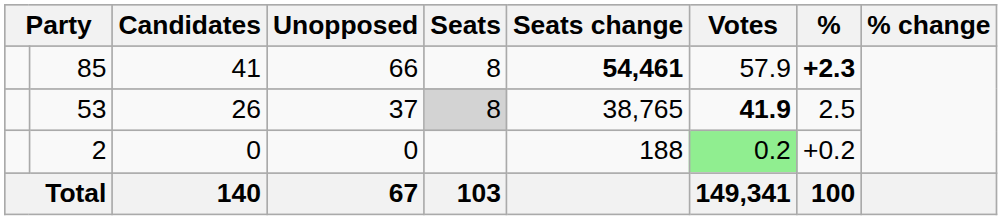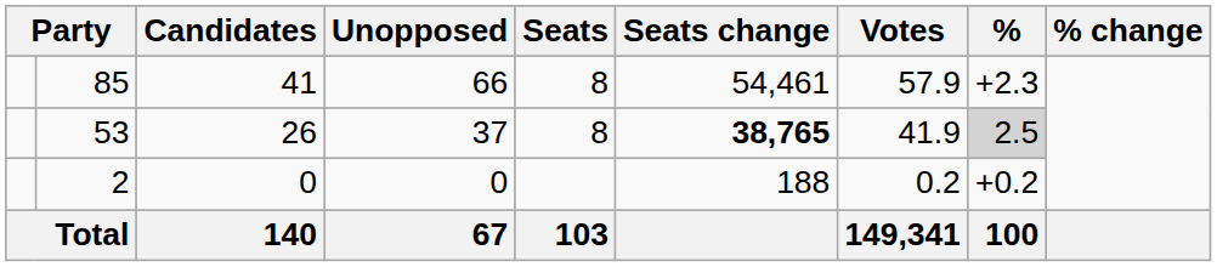 <table class="wikitable sortable">
 <tr>
 <th colspan=2>Party</th>
 <th>Candidates</th>
 <th>Unopposed</th>
 <th>Seats</th>
 <th>Seats change</th>
 <th>Votes</th>
 <th>%</th>
 <th>% change</th>
 </tr>
 <tr>
 <td></td>
 <td align=right>85</td>
 <td align=right>41</td>
 <td align=right>66</td>
 <td align=right>8</td>
-<td align=right><strong>54,461</strong></td>
+<td align=right>54,461</td>
 <td align=right>57.9</td>
-<td align=right><strong>+2.3</strong></td>
+<td align=right>+2.3</td>
 </tr>
 <tr>
 <td></td>
 <td align=right>53</td>
 <td align=right>26</td>
 <td align=right>37</td>
-<td align=right style="background: lightgrey;">8</td>
-<td align=right>38,765</td>
-<td align=right><strong>41.9</strong></td>
-<td align=right>2.5</td>
+<td align=right>8</td>
+<td align=right><strong>38,765</strong></td>
+<td align=right>41.9</td>
+<td align=right style="background: lightgrey;">2.5</td>
 </tr>
 <tr>
 <td></td>
 <td align=right>2</td>
 <td align=right>0</td>
 <td align=right>0</td>
 <td align=right></td>
 <td align=right>188</td>
-<td align=right style="background: lightgreen;">0.2</td>
+<td align=right>0.2</td>
 <td align=right>+0.2</td>
 </tr>
 <tr class="sortbottom" style="font-weight: bold; text-align: right; background: #f2f2f2;">
 <th colspan="2" style="padding-left: 1.5em; text-align: left;">Total</th>
 <td align=right>140</td>
 <td align=right>67</td>
 <td align=right>103</td>
 <td align=right></td>
 <td align=right>149,341</td>
 <td align=right>100</td>
 <td align=right></td>
 </tr>
 </table>
